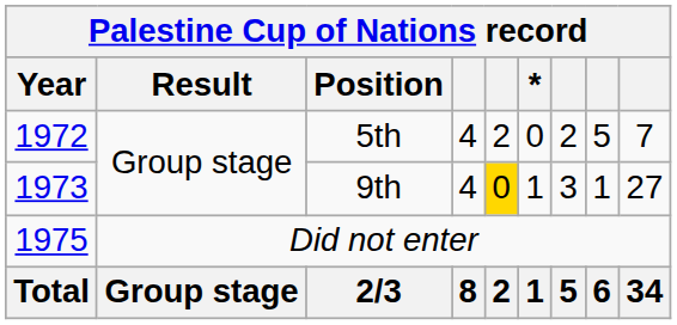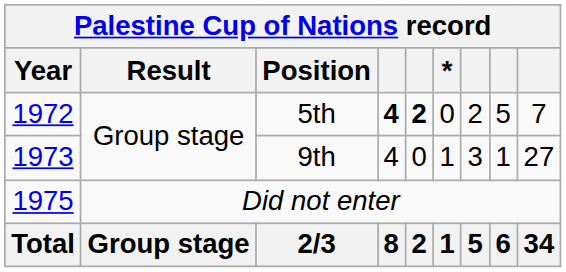 <table class="wikitable" style="text-align: center;">
 <tr>
 <th colspan=9><a href='#'>Palestine Cup of Nations</a> record</th>
 </tr>
 <tr>
 <th>Year</th>
 <th>Result</th>
 <th>Position</th>
 <th></th>
 <th></th>
 <th>*</th>
 <th></th>
 <th></th>
 <th></th>
 </tr>
 <tr>
 <td> <a href='#'>1972</a></td>
 <td rowspan=2>Group stage</td>
 <td>5th</td>
-<td>4</td>
-<td>2</td>
+<td><strong>4</strong></td>
+<td><strong>2</strong></td>
 <td>0</td>
 <td>2</td>
 <td>5</td>
 <td>7</td>
 </tr>
 <tr>
 <td> <a href='#'>1973</a></td>
 <td>9th</td>
 <td>4</td>
-<td style="background: gold;">0</td>
+<td>0</td>
 <td>1</td>
 <td>3</td>
 <td>1</td>
 <td>27</td>
 </tr>
 <tr>
 <td> <a href='#'>1975</a></td>
 <td colspan=8><em>Did not enter</em></td>
 </tr>
 <tr>
 <th>Total</th>
 <th>Group stage</th>
 <th>2/3</th>
 <th>8</th>
 <th>2</th>
 <th>1</th>
 <th>5</th>
 <th>6</th>
 <th>34</th>
 </tr>
 </table>
